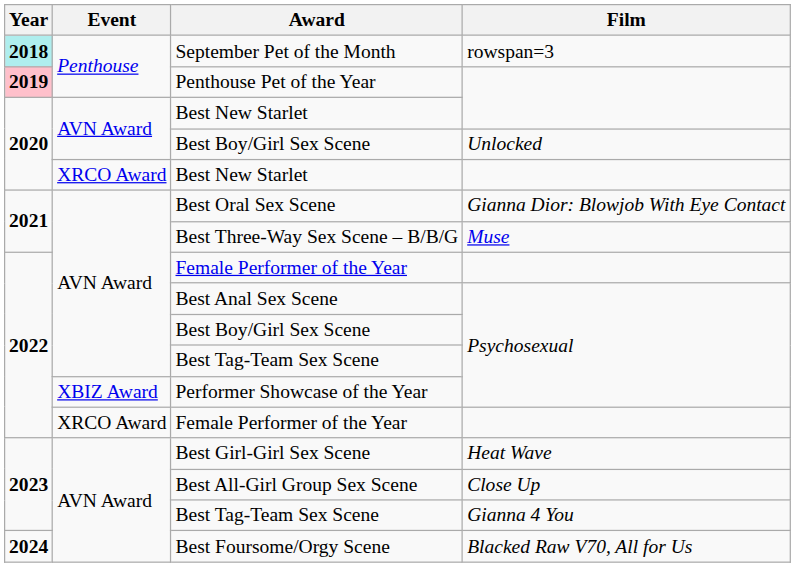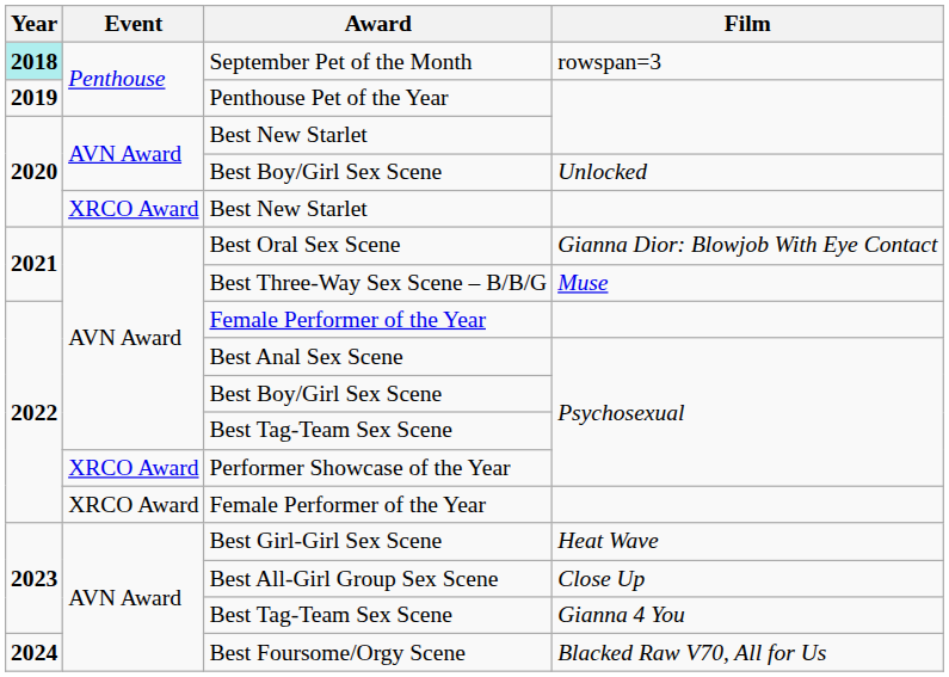 <table class="wikitable">
 <tr>
 <th>Year</th>
 <th>Event</th>
 <th>Award</th>
 <th>Film</th>
 </tr>
 <tr>
 <td style="background: paleturquoise;"><strong>2018</strong></td>
 <td rowspan=2><em><a href='#'>Penthouse</a></em></td>
 <td>September Pet of the Month</td>
 <td>rowspan=3 </td>
 </tr>
 <tr>
-<td style="background: pink;"><strong>2019</strong></td>
+<td><strong>2019</strong></td>
 <td>Penthouse Pet of the Year</td>
 </tr>
 <tr>
 <td rowspan=3><strong>2020</strong></td>
 <td rowspan=2><a href='#'>AVN Award</a></td>
 <td>Best New Starlet</td>
 </tr>
 <tr>
 <td>Best Boy/Girl Sex Scene </td>
 <td><em>Unlocked</em></td>
 </tr>
 <tr>
 <td><a href='#'>XRCO Award</a></td>
 <td>Best New Starlet</td>
 <td></td>
 </tr>
 <tr>
 <td rowspan=2><strong>2021</strong></td>
 <td rowspan=6>AVN Award</td>
 <td>Best Oral Sex Scene</td>
 <td><em>Gianna Dior: Blowjob With Eye Contact</em></td>
 </tr>
 <tr>
 <td>Best Three-Way Sex Scene – B/B/G </td>
 <td><em><a href='#'>Muse</a></em></td>
 </tr>
 <tr>
 <td rowspan=6><strong>2022</strong></td>
 <td><a href='#'>Female Performer of the Year</a></td>
 <td></td>
 </tr>
 <tr>
 <td>Best Anal Sex Scene </td>
 <td rowspan=4><em>Psychosexual</em></td>
 </tr>
 <tr>
 <td>Best Boy/Girl Sex Scene </td>
 </tr>
 <tr>
 <td>Best Tag-Team Sex Scene </td>
 </tr>
 <tr>
-<td><a href='#'>XBIZ Award</a></td>
+<td><a href='#'>XRCO Award</a></td>
 <td>Performer Showcase of the Year</td>
 </tr>
 <tr>
 <td>XRCO Award</td>
 <td>Female Performer of the Year </td>
 <td></td>
 </tr>
 <tr>
 <td rowspan=3><strong>2023</strong></td>
 <td rowspan=4>AVN Award</td>
 <td>Best Girl-Girl Sex Scene </td>
 <td><em>Heat Wave</em></td>
 </tr>
 <tr>
 <td>Best All-Girl Group Sex Scene </td>
 <td><em>Close Up</em></td>
 </tr>
 <tr>
 <td>Best Tag-Team Sex Scene </td>
 <td><em>Gianna 4 You</em></td>
 </tr>
 <tr>
 <td><strong>2024</strong></td>
 <td>Best Foursome/Orgy Scene </td>
 <td><em>Blacked Raw V70, All for Us</em></td>
 </tr>
 </table>
